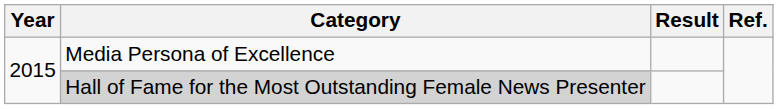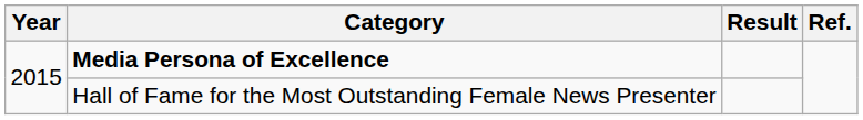 <table class="wikitable plainrowheaders sortable">
 <tr>
 <th>Year</th>
 <th>Category</th>
 <th>Result</th>
 <th>Ref.</th>
 </tr>
 <tr>
 <td rowspan=2>2015</td>
-<td>Media Persona of Excellence</td>
+<td><strong>Media Persona of Excellence</strong></td>
 <td></td>
 <td rowspan=2></td>
 </tr>
 <tr>
-<td style="background: lightgrey;">Hall of Fame for the Most Outstanding Female News Presenter</td>
+<td>Hall of Fame for the Most Outstanding Female News Presenter</td>
 <td></td>
 </tr>
 </table>
